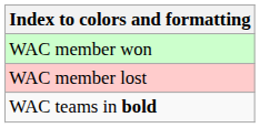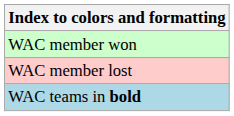 <table class="wikitable">
 <tr>
 <th>Index to colors and formatting</th>
 </tr>
 <tr bgcolor=#ccffcc>
 <td>WAC member won</td>
 </tr>
 <tr bgcolor=#ffcccc>
 <td>WAC member lost</td>
 </tr>
 <tr>
-<td>WAC teams in <strong>bold</strong></td>
+<td style="background: lightblue;">WAC teams in <strong>bold</strong></td>
 </tr>
 </table>
